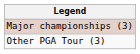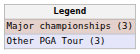 <table class="wikitable" style="font-size:95%;">
 <tr>
 <th>Legend</th>
 </tr>
 <tr style="background:#e5d1cb;">
 <td>Major championships (3)</td>
 </tr>
 <tr>
-<td>Other PGA Tour (3)</td>
+<td style="background: lavender;">Other PGA Tour (3)</td>
 </tr>
 </table>
